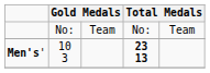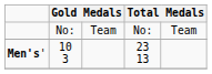 <table class="wikitable" style="text-align: center; font-size:95%;">
 <tr>
 <td></td>
 <th colspan=2>Gold Medals</th>
 <th colspan=2>Total Medals</th>
 </tr>
 <tr>
 <td></td>
 <td>No:</td>
 <td>Team</td>
 <td>No:</td>
 <td>Team</td>
 </tr>
 <tr>
 </tr>
 <tr>
 <td><strong>Men's</strong>'</td>
 <td>10 <br> 3</td>
 <td align="left"> <br> </td>
-<td><strong>23 <br> 13</strong></td>
+<td>23 <br> 13</td>
 <td align="left"> <br> </td>
 </tr>
 <tr>
 </tr>
 </table>
